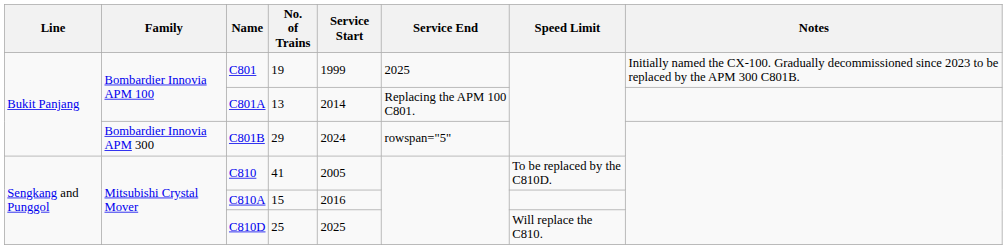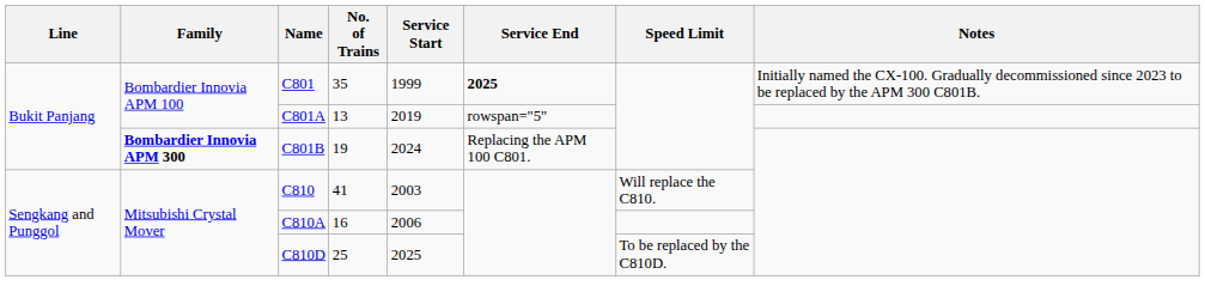 <table class="wikitable" style="margin:auto;font-align:center;">
 <tr>
 <th>Line</th>
 <th>Family</th>
 <th>Name</th>
 <th>No.<br>of Trains</th>
 <th>Service Start</th>
 <th>Service End</th>
 <th>Speed Limit</th>
 <th>Notes</th>
 </tr>
 <tr>
 <td rowspan="3"><a href='#'>Bukit Panjang</a></td>
 <td rowspan="2"><a href='#'>Bombardier Innovia APM 100</a></td>
 <td><a href='#'>C801</a></td>
-<td>19</td>
+<td>35</td>
 <td>1999</td>
-<td>2025</td>
+<td><strong>2025</strong></td>
 <td rowspan="3"></td>
 <td>Initially named the CX-100. Gradually decommissioned since 2023 to be replaced by the APM 300 C801B.</td>
 </tr>
 <tr>
 <td><a href='#'>C801A</a></td>
 <td>13</td>
-<td>2014</td>
-<td>Replacing the APM 100 C801.</td>
+<td>2019</td>
+<td>rowspan="5" </td>
 <td></td>
 </tr>
 <tr>
-<td><a href='#'>Bombardier Innovia APM</a> 300</td>
+<td><strong><a href='#'>Bombardier Innovia APM</a> 300</strong></td>
 <td><a href='#'>C801B</a></td>
-<td>29</td>
+<td>19</td>
 <td>2024</td>
-<td>rowspan="5" </td>
+<td>Replacing the APM 100 C801.</td>
 </tr>
 <tr>
 <td rowspan="3"><a href='#'>Sengkang</a> and <a href='#'>Punggol</a></td>
 <td rowspan="3"><a href='#'>Mitsubishi Crystal Mover</a></td>
 <td><a href='#'>C810</a></td>
 <td>41</td>
-<td>2005</td>
+<td>2003</td>
 <td rowspan="3"></td>
-<td>To be replaced by the C810D.</td>
+<td>Will replace the C810.</td>
 </tr>
 <tr>
 <td><a href='#'>C810A</a></td>
-<td>15</td>
-<td>2016</td>
+<td>16</td>
+<td>2006</td>
 <td></td>
 </tr>
 <tr>
 <td><a href='#'>C810D</a></td>
 <td>25</td>
 <td>2025</td>
-<td>Will replace the C810.</td>
+<td>To be replaced by the C810D.</td>
 </tr>
 </table>
